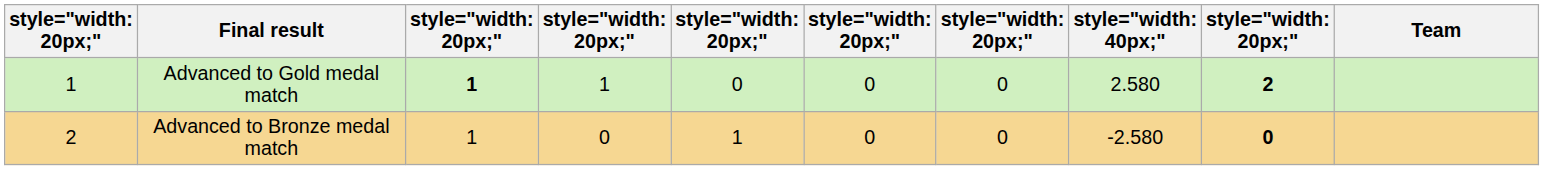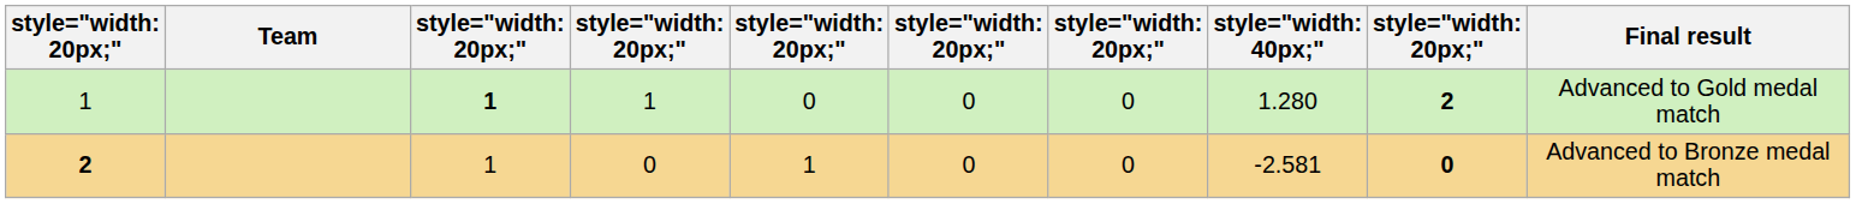 <table class="wikitable" border="1" style="text-align: center;">
 <tr>
 <th>style="width: 20px;"</th>
-<th style="width: 230px;">Final result</th>
+<th style="width: 175px;">Team</th>
 <th>style="width: 20px;"</th>
 <th>style="width: 20px;"</th>
 <th>style="width: 20px;"</th>
 <th>style="width: 20px;"</th>
 <th>style="width: 20px;"</th>
 <th>style="width: 40px;"</th>
 <th>style="width: 20px;"</th>
-<th style="width: 175px;">Team</th>
+<th style="width: 230px;">Final result</th>
 </tr>
 <tr style="background:#D0F0C0;">
 <td>1</td>
-<td>Advanced to Gold medal match</td>
+<td style="text-align:left"></td>
 <td><strong>1</strong></td>
 <td>1</td>
 <td>0</td>
 <td>0</td>
 <td>0</td>
-<td>2.580</td>
+<td>1.280</td>
 <td><strong>2</strong></td>
-<td style="text-align:left"></td>
+<td>Advanced to Gold medal match</td>
 </tr>
 <tr style="background:#F6D792;">
-<td>2</td>
-<td>Advanced to Bronze medal match</td>
+<td><strong>2</strong></td>
+<td align=left></td>
 <td>1</td>
 <td>0</td>
 <td>1</td>
 <td>0</td>
 <td>0</td>
-<td>-2.580</td>
+<td>-2.581</td>
 <td><strong>0</strong></td>
-<td align=left></td>
+<td>Advanced to Bronze medal match</td>
 </tr>
 </table>
